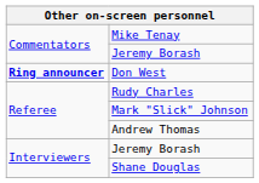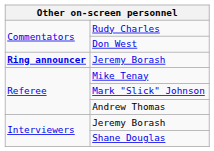 <table align="right" class="wikitable" style="border:1px; font-size:90%; margin-left:1em;">
 <tr>
 <th colspan="2" width="250"><strong>Other on-screen personnel</strong></th>
 </tr>
 <tr>
 <td rowspan=2><a href='#'>Commentators</a></td>
-<td><a href='#'>Mike Tenay</a></td>
+<td><a href='#'>Rudy Charles</a></td>
 </tr>
 <tr>
+<td><a href='#'>Don West</a></td>
+</tr>
+<tr>
+<td><strong><a href='#'>Ring announcer</a></strong></td>
 <td><a href='#'>Jeremy Borash</a></td>
 </tr>
 <tr>
-<td><strong><a href='#'>Ring announcer</a></strong></td>
-<td><a href='#'>Don West</a></td>
-</tr>
-<tr>
 <td rowspan=3><a href='#'>Referee</a></td>
-<td><a href='#'>Rudy Charles</a></td>
+<td><a href='#'>Mike Tenay</a></td>
 </tr>
 <tr>
 <td><a href='#'>Mark "Slick" Johnson</a></td>
 </tr>
 <tr>
 <td>Andrew Thomas</td>
 </tr>
 <tr>
 <td rowspan=2><a href='#'>Interviewers</a></td>
 <td>Jeremy Borash</td>
 </tr>
 <tr>
 <td><a href='#'>Shane Douglas</a></td>
 </tr>
 </table>
